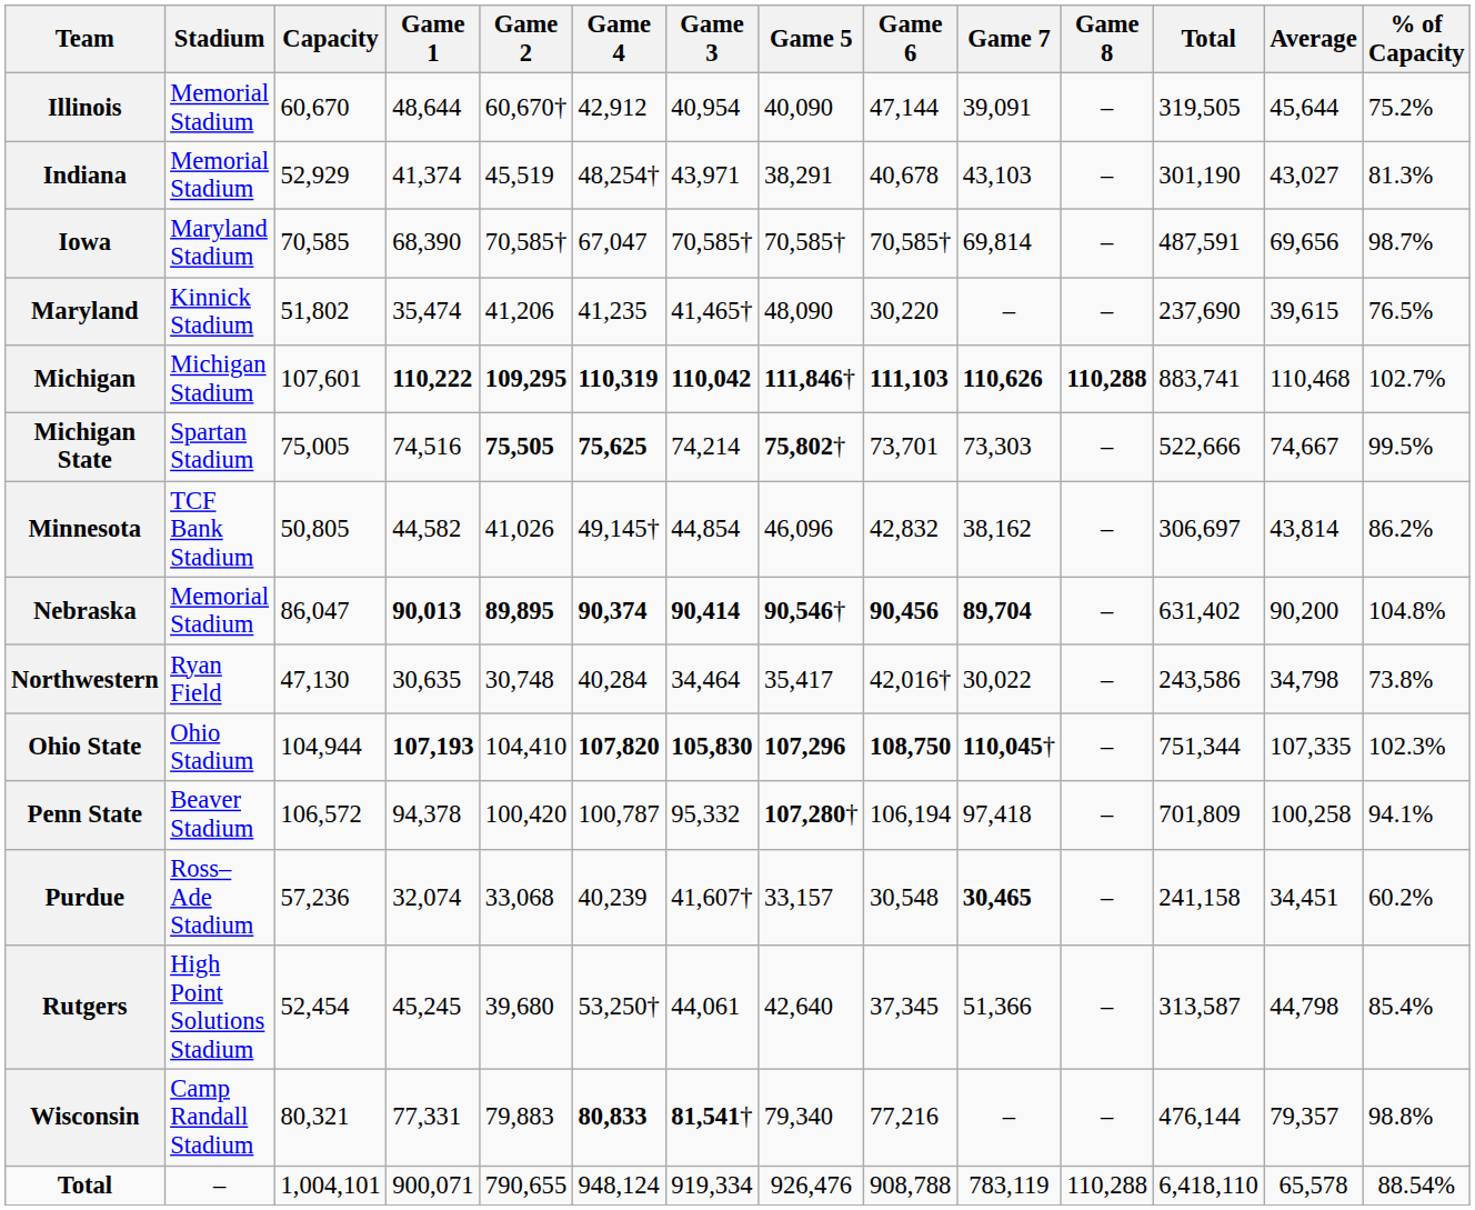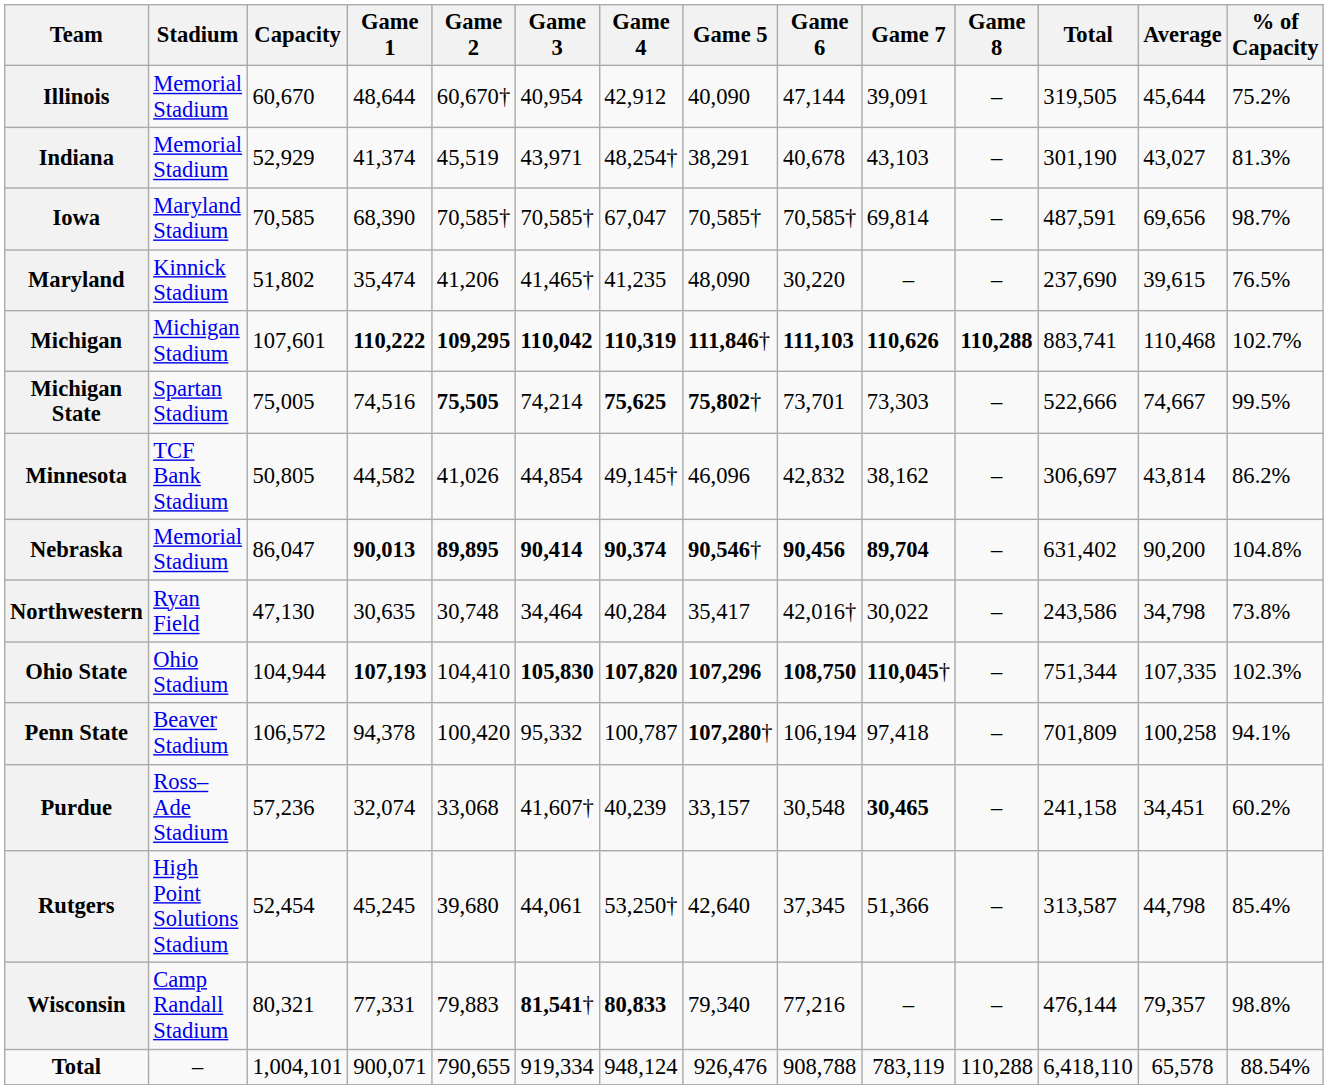 <table class="wikitable sortable">
 <tr>
 <th>Team</th>
 <th>Stadium</th>
 <th>Capacity</th>
 <th>Game 1</th>
 <th>Game 2</th>
+<th>Game 3</th>
 <th>Game 4</th>
-<th>Game 3</th>
 <th>Game 5</th>
 <th>Game 6</th>
 <th>Game 7</th>
 <th>Game 8</th>
 <th>Total</th>
 <th>Average</th>
 <th>% of Capacity</th>
 </tr>
 <tr>
 <th>Illinois</th>
 <td><a href='#'>Memorial Stadium</a></td>
 <td>60,670</td>
 <td>48,644</td>
 <td>60,670†</td>
+<td>40,954</td>
 <td>42,912</td>
-<td>40,954</td>
 <td>40,090</td>
 <td>47,144</td>
 <td>39,091</td>
 <td align="center">–</td>
 <td>319,505</td>
 <td>45,644</td>
 <td>75.2%</td>
 </tr>
 <tr>
 <th>Indiana</th>
 <td><a href='#'>Memorial Stadium</a></td>
 <td>52,929</td>
 <td>41,374</td>
 <td>45,519</td>
+<td>43,971</td>
 <td>48,254†</td>
-<td>43,971</td>
 <td>38,291</td>
 <td>40,678</td>
 <td>43,103</td>
 <td align="center">–</td>
 <td>301,190</td>
 <td>43,027</td>
 <td>81.3%</td>
 </tr>
 <tr>
 <th>Iowa</th>
 <td><a href='#'>Maryland Stadium</a></td>
 <td>70,585</td>
 <td>68,390</td>
 <td>70,585†</td>
+<td>70,585†</td>
 <td>67,047</td>
-<td>70,585†</td>
 <td>70,585†</td>
 <td>70,585†</td>
 <td>69,814</td>
 <td align="center">–</td>
 <td>487,591</td>
 <td>69,656</td>
 <td>98.7%</td>
 </tr>
 <tr>
 <th>Maryland</th>
 <td><a href='#'>Kinnick Stadium</a></td>
 <td>51,802</td>
 <td>35,474</td>
 <td>41,206</td>
+<td>41,465†</td>
 <td>41,235</td>
-<td>41,465†</td>
 <td>48,090</td>
 <td>30,220</td>
 <td align="center">–</td>
 <td align="center">–</td>
 <td>237,690</td>
 <td>39,615</td>
 <td>76.5%</td>
 </tr>
 <tr>
 <th>Michigan</th>
 <td><a href='#'>Michigan Stadium</a></td>
 <td>107,601</td>
 <td><strong>110,222</strong></td>
 <td><strong>109,295</strong></td>
+<td><strong>110,042</strong></td>
 <td><strong>110,319</strong></td>
-<td><strong>110,042</strong></td>
 <td><strong>111,846</strong>†</td>
 <td><strong>111,103</strong></td>
 <td><strong>110,626</strong></td>
 <td><strong>110,288</strong></td>
 <td>883,741</td>
 <td>110,468</td>
 <td>102.7%</td>
 </tr>
 <tr>
 <th>Michigan State</th>
 <td><a href='#'>Spartan Stadium</a></td>
 <td>75,005</td>
 <td>74,516</td>
 <td><strong>75,505</strong></td>
+<td>74,214</td>
 <td><strong>75,625</strong></td>
-<td>74,214</td>
 <td><strong>75,802</strong>†</td>
 <td>73,701</td>
 <td>73,303</td>
 <td align="center">–</td>
 <td>522,666</td>
 <td>74,667</td>
 <td>99.5%</td>
 </tr>
 <tr>
 <th>Minnesota</th>
 <td><a href='#'>TCF Bank Stadium</a></td>
 <td>50,805 </td>
 <td>44,582</td>
 <td>41,026</td>
+<td>44,854</td>
 <td>49,145†</td>
-<td>44,854</td>
 <td>46,096</td>
 <td>42,832</td>
 <td>38,162</td>
 <td align="center">–</td>
 <td>306,697</td>
 <td>43,814</td>
 <td>86.2%</td>
 </tr>
 <tr>
 <th>Nebraska</th>
 <td><a href='#'>Memorial Stadium</a></td>
 <td>86,047</td>
 <td><strong>90,013</strong></td>
 <td><strong>89,895</strong></td>
+<td><strong>90,414</strong></td>
 <td><strong>90,374</strong></td>
-<td><strong>90,414</strong></td>
 <td><strong>90,546</strong>†</td>
 <td><strong>90,456</strong></td>
 <td><strong>89,704</strong></td>
 <td align="center">–</td>
 <td>631,402</td>
 <td>90,200</td>
 <td>104.8%</td>
 </tr>
 <tr>
 <th>Northwestern</th>
 <td><a href='#'>Ryan Field</a></td>
 <td>47,130</td>
 <td>30,635</td>
 <td>30,748</td>
+<td>34,464</td>
 <td>40,284</td>
-<td>34,464</td>
 <td>35,417</td>
 <td>42,016†</td>
 <td>30,022</td>
 <td align="center">–</td>
 <td>243,586</td>
 <td>34,798</td>
 <td>73.8%</td>
 </tr>
 <tr>
 <th>Ohio State</th>
 <td><a href='#'>Ohio Stadium</a></td>
 <td>104,944</td>
 <td><strong>107,193</strong></td>
 <td>104,410</td>
+<td><strong>105,830</strong></td>
 <td><strong>107,820</strong></td>
-<td><strong>105,830</strong></td>
 <td><strong>107,296</strong></td>
 <td><strong>108,750</strong></td>
 <td><strong>110,045</strong>†</td>
 <td align="center">–</td>
 <td>751,344</td>
 <td>107,335</td>
 <td>102.3%</td>
 </tr>
 <tr>
 <th>Penn State</th>
 <td><a href='#'>Beaver Stadium</a></td>
 <td>106,572</td>
 <td>94,378</td>
 <td>100,420</td>
+<td>95,332</td>
 <td>100,787</td>
-<td>95,332</td>
 <td><strong>107,280</strong>†</td>
 <td>106,194</td>
 <td>97,418</td>
 <td align="center">–</td>
 <td>701,809</td>
 <td>100,258</td>
 <td>94.1%</td>
 </tr>
 <tr>
 <th>Purdue</th>
 <td><a href='#'>Ross–Ade Stadium</a></td>
 <td>57,236</td>
 <td>32,074</td>
 <td>33,068</td>
+<td>41,607†</td>
 <td>40,239</td>
-<td>41,607†</td>
 <td>33,157</td>
 <td>30,548</td>
 <td><strong>30,465</strong></td>
 <td align="center">–</td>
 <td>241,158</td>
 <td>34,451</td>
 <td>60.2%</td>
 </tr>
 <tr>
 <th>Rutgers</th>
 <td><a href='#'>High Point Solutions Stadium</a></td>
 <td>52,454</td>
 <td>45,245</td>
 <td>39,680</td>
+<td>44,061</td>
 <td>53,250†</td>
-<td>44,061</td>
 <td>42,640</td>
 <td>37,345</td>
 <td>51,366</td>
 <td align="center">–</td>
 <td>313,587</td>
 <td>44,798</td>
 <td>85.4%</td>
 </tr>
 <tr>
 <th>Wisconsin</th>
 <td><a href='#'>Camp Randall Stadium</a></td>
 <td>80,321</td>
 <td>77,331</td>
 <td>79,883</td>
+<td><strong>81,541</strong>†</td>
 <td><strong>80,833</strong></td>
-<td><strong>81,541</strong>†</td>
 <td>79,340</td>
 <td>77,216</td>
 <td align="center">–</td>
 <td align="center">–</td>
 <td>476,144</td>
 <td>79,357</td>
 <td>98.8%</td>
 </tr>
 <tr>
 <td align="center"><strong>Total</strong></td>
 <td align="center">–</td>
 <td align="center">1,004,101</td>
 <td align="center">900,071</td>
 <td align="center">790,655</td>
+<td align="center">919,334</td>
 <td align="center">948,124</td>
-<td align="center">919,334</td>
 <td align="center">926,476</td>
 <td align="center">908,788</td>
 <td align="center">783,119</td>
 <td align="center">110,288</td>
 <td align="center">6,418,110</td>
 <td align="center">65,578</td>
 <td align="center">88.54%</td>
 </tr>
 </table>
